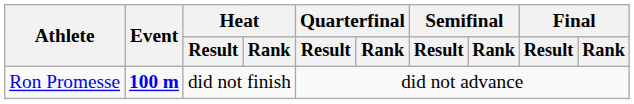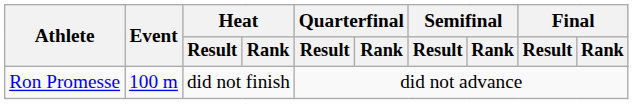 <table class="wikitable" style="font-size:90%">
 <tr>
 <th rowspan="2">Athlete</th>
 <th rowspan="2">Event</th>
 <th colspan="2">Heat</th>
 <th colspan="2">Quarterfinal</th>
 <th colspan="2">Semifinal</th>
 <th colspan="2">Final</th>
 </tr>
 <tr style="font-size:95%">
 <th>Result</th>
 <th>Rank</th>
 <th>Result</th>
 <th>Rank</th>
 <th>Result</th>
 <th>Rank</th>
 <th>Result</th>
 <th>Rank</th>
 </tr>
 <tr align=center>
 <td align=left><a href='#'>Ron Promesse</a></td>
-<td align=left><strong><a href='#'>100 m</a></strong></td>
+<td align=left><a href='#'>100 m</a></td>
 <td colspan=2>did not finish</td>
 <td colspan=6>did not advance</td>
 </tr>
 </table>
